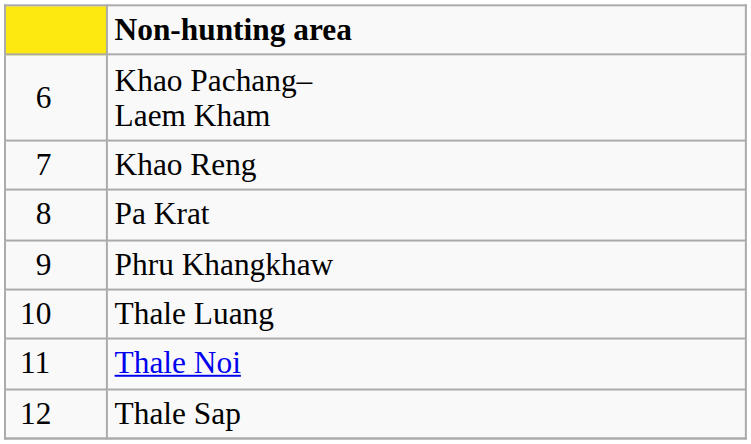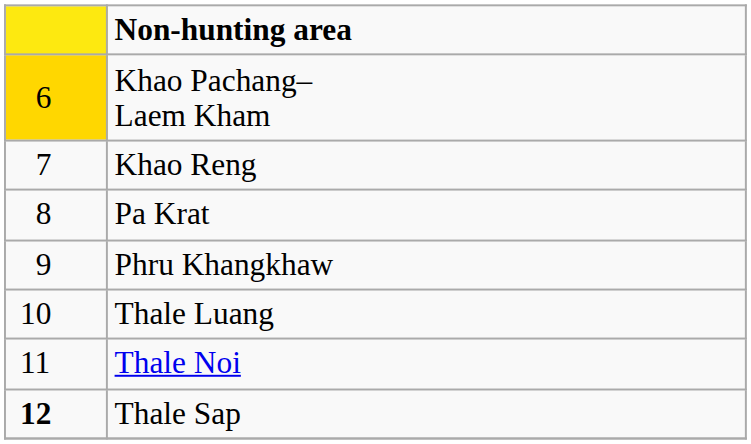 <table class= "wikitable" style= "width:30%; display:inline-table;">
 <tr>
 <td style="width:3%; background:#FDE910;"> </td>
 <td style="width:27%;"><strong>Non-hunting area</strong></td>
 </tr>
 <tr>
-<td>   6</td>
+<td style="background: gold;">   6</td>
 <td>Khao Pachang–<br>Laem Kham</td>
 </tr>
 <tr>
 <td>   7</td>
 <td>Khao Reng</td>
 </tr>
 <tr>
 <td>   8</td>
 <td>Pa Krat</td>
 </tr>
 <tr>
 <td>   9</td>
 <td>Phru Khangkhaw</td>
 </tr>
 <tr>
 <td> 10</td>
 <td>Thale Luang</td>
 </tr>
 <tr>
 <td> 11</td>
 <td><a href='#'>Thale Noi</a></td>
 </tr>
 <tr>
-<td> 12</td>
+<td><strong> 12</strong></td>
 <td>Thale Sap</td>
 </tr>
 <tr>
 </tr>
 </table>
